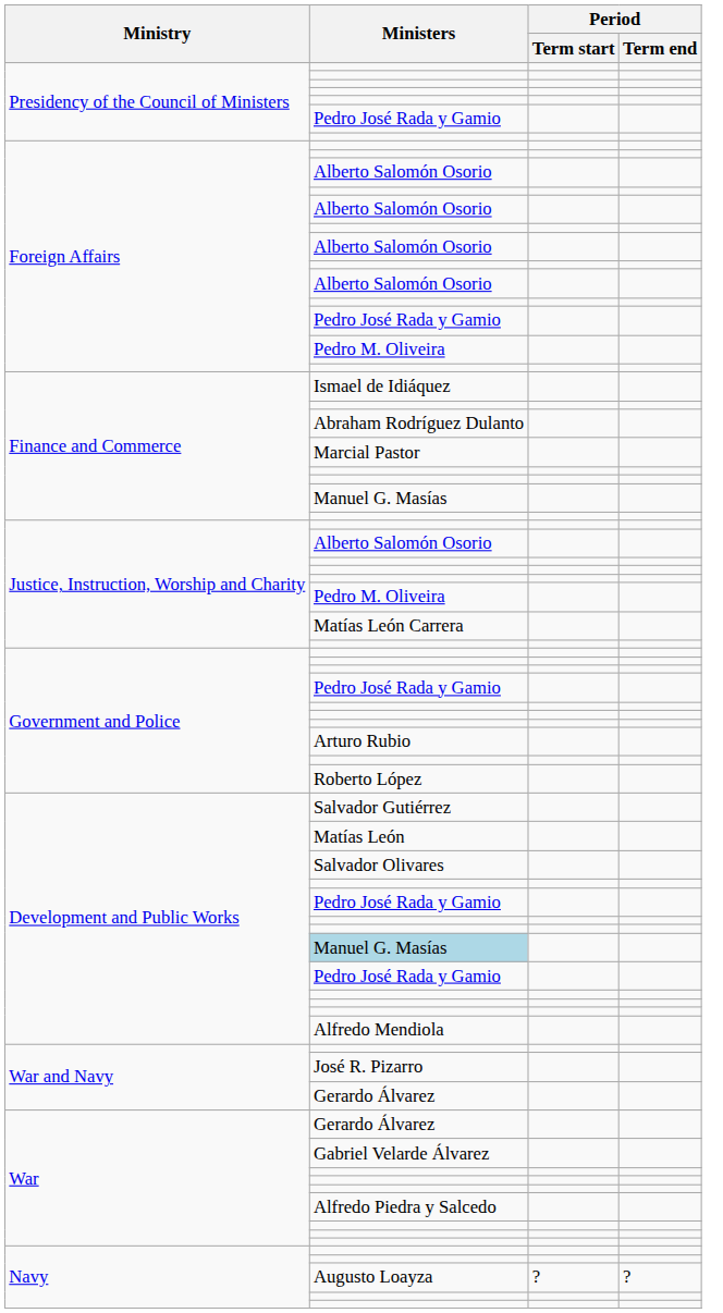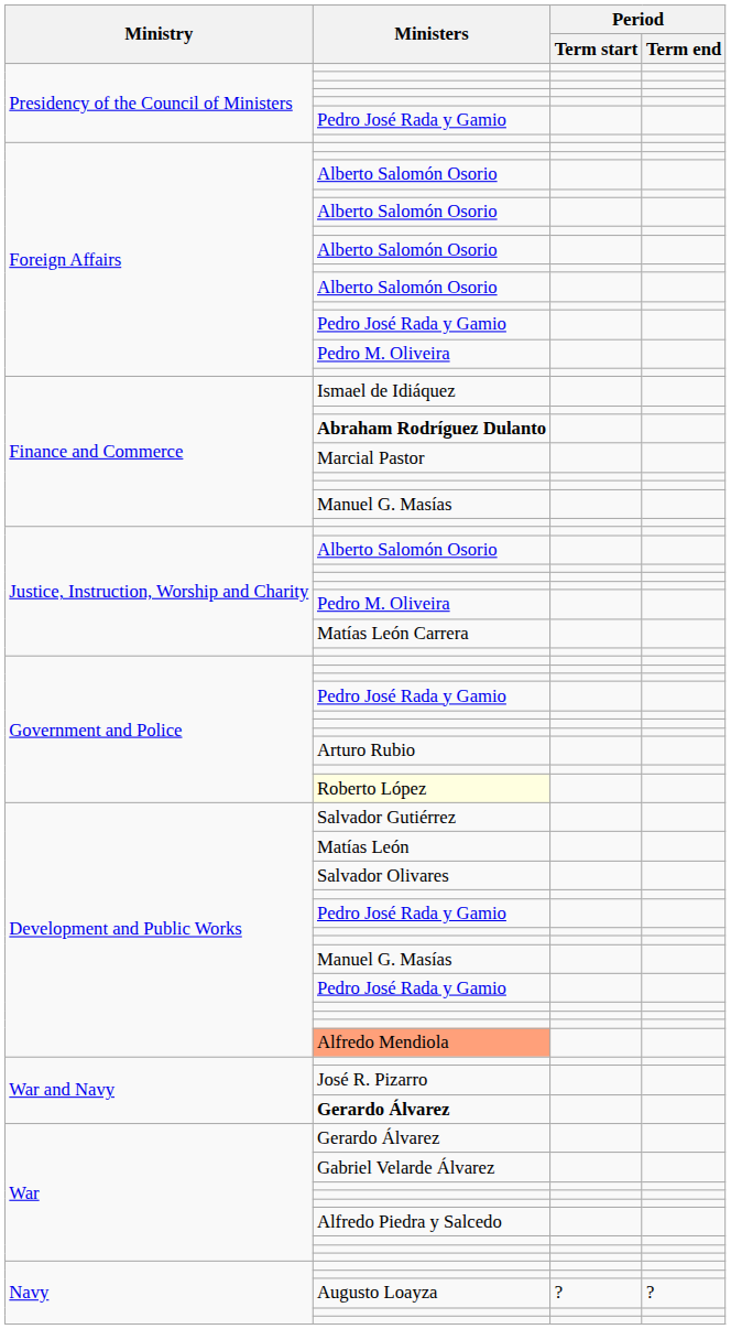 <table class="wikitable">
 <tr>
 <th rowspan=2><strong>Ministry</strong></th>
 <th rowspan=2><strong>Ministers</strong></th>
 <th colspan=2><strong>Period</strong></th>
 </tr>
 <tr>
 <th>Term start</th>
 <th>Term end</th>
 </tr>
 <tr>
 <td rowspan=7><a href='#'>Presidency of the Council of Ministers</a></td>
 <td></td>
 <td></td>
 <td></td>
 </tr>
 <tr>
 <td></td>
 <td></td>
 <td></td>
 </tr>
 <tr>
 <td></td>
 <td></td>
 <td></td>
 </tr>
 <tr>
 <td></td>
 <td></td>
 <td></td>
 </tr>
 <tr>
 <td></td>
 <td></td>
 <td></td>
 </tr>
 <tr>
 <td><a href='#'>Pedro José Rada y Gamio</a></td>
 <td></td>
 <td></td>
 </tr>
 <tr>
 <td></td>
 <td></td>
 <td></td>
 </tr>
 <tr>
 <td rowspan=13><a href='#'>Foreign Affairs</a></td>
 <td></td>
 <td></td>
 <td></td>
 </tr>
 <tr>
 <td></td>
 <td></td>
 <td></td>
 </tr>
 <tr>
 <td><a href='#'>Alberto Salomón Osorio</a></td>
 <td></td>
 <td></td>
 </tr>
 <tr>
 <td></td>
 <td></td>
 <td></td>
 </tr>
 <tr>
 <td><a href='#'>Alberto Salomón Osorio</a></td>
 <td></td>
 <td></td>
 </tr>
 <tr>
 <td></td>
 <td></td>
 <td></td>
 </tr>
 <tr>
 <td><a href='#'>Alberto Salomón Osorio</a></td>
 <td></td>
 <td></td>
 </tr>
 <tr>
 <td></td>
 <td></td>
 <td></td>
 </tr>
 <tr>
 <td><a href='#'>Alberto Salomón Osorio</a></td>
 <td></td>
 <td></td>
 </tr>
 <tr>
 <td></td>
 <td></td>
 <td></td>
 </tr>
 <tr>
 <td><a href='#'>Pedro José Rada y Gamio</a></td>
 <td></td>
 <td></td>
 </tr>
 <tr>
 <td><a href='#'>Pedro M. Oliveira</a></td>
 <td></td>
 <td></td>
 </tr>
 <tr>
 <td></td>
 <td></td>
 <td></td>
 </tr>
 <tr>
 <td rowspan=8><a href='#'>Finance and Commerce</a></td>
 <td>Ismael de Idiáquez</td>
 <td></td>
 <td></td>
 </tr>
 <tr>
 <td></td>
 <td></td>
 <td></td>
 </tr>
 <tr>
-<td>Abraham Rodríguez Dulanto</td>
+<td><strong>Abraham Rodríguez Dulanto</strong></td>
 <td></td>
 <td></td>
 </tr>
 <tr>
 <td>Marcial Pastor</td>
 <td></td>
 <td></td>
 </tr>
 <tr>
 <td></td>
 <td></td>
 <td></td>
 </tr>
 <tr>
 <td></td>
 <td></td>
 <td></td>
 </tr>
 <tr>
 <td>Manuel G. Masías</td>
 <td></td>
 <td></td>
 </tr>
 <tr>
 <td></td>
 <td></td>
 <td></td>
 </tr>
 <tr>
 <td rowspan=8><a href='#'>Justice, Instruction, Worship and Charity</a></td>
 <td></td>
 <td></td>
 <td></td>
 </tr>
 <tr>
 <td><a href='#'>Alberto Salomón Osorio</a></td>
 <td></td>
 <td></td>
 </tr>
 <tr>
 <td></td>
 <td></td>
 <td></td>
 </tr>
 <tr>
 <td></td>
 <td></td>
 <td></td>
 </tr>
 <tr>
 <td></td>
 <td></td>
 <td></td>
 </tr>
 <tr>
 <td><a href='#'>Pedro M. Oliveira</a></td>
 <td></td>
 <td></td>
 </tr>
 <tr>
 <td>Matías León Carrera</td>
 <td></td>
 <td></td>
 </tr>
 <tr>
 <td></td>
 <td></td>
 <td></td>
 </tr>
 <tr>
 <td rowspan=10><a href='#'>Government and Police</a></td>
 <td></td>
 <td></td>
 <td></td>
 </tr>
 <tr>
 <td></td>
 <td></td>
 <td></td>
 </tr>
 <tr>
 <td></td>
 <td></td>
 <td></td>
 </tr>
 <tr>
 <td><a href='#'>Pedro José Rada y Gamio</a></td>
 <td></td>
 <td></td>
 </tr>
 <tr>
 <td></td>
 <td></td>
 <td></td>
 </tr>
 <tr>
 <td></td>
 <td></td>
 <td></td>
 </tr>
 <tr>
 <td></td>
 <td></td>
 <td></td>
 </tr>
 <tr>
 <td>Arturo Rubio</td>
 <td></td>
 <td></td>
 </tr>
 <tr>
 <td></td>
 <td></td>
 <td></td>
 </tr>
 <tr>
-<td>Roberto López</td>
+<td style="background: lightyellow;">Roberto López</td>
 <td></td>
 <td></td>
 </tr>
 <tr>
 <td rowspan=13><a href='#'>Development and Public Works</a></td>
 <td>Salvador Gutiérrez</td>
 <td></td>
 <td></td>
 </tr>
 <tr>
 <td>Matías León</td>
 <td></td>
 <td></td>
 </tr>
 <tr>
 <td>Salvador Olivares</td>
 <td></td>
 <td></td>
 </tr>
 <tr>
 <td></td>
 <td></td>
 <td></td>
 </tr>
 <tr>
 <td><a href='#'>Pedro José Rada y Gamio</a></td>
 <td></td>
 <td></td>
 </tr>
 <tr>
 <td></td>
 <td></td>
 <td></td>
 </tr>
 <tr>
 <td></td>
 <td></td>
 <td></td>
 </tr>
 <tr>
-<td style="background: lightblue;">Manuel G. Masías</td>
+<td>Manuel G. Masías</td>
 <td></td>
 <td></td>
 </tr>
 <tr>
 <td><a href='#'>Pedro José Rada y Gamio</a></td>
 <td></td>
 <td></td>
 </tr>
 <tr>
 <td></td>
 <td></td>
 <td></td>
 </tr>
 <tr>
 <td></td>
 <td></td>
 <td></td>
 </tr>
 <tr>
 <td></td>
 <td></td>
 <td></td>
 </tr>
 <tr>
-<td>Alfredo Mendiola</td>
+<td style="background: lightsalmon;">Alfredo Mendiola</td>
 <td></td>
 <td></td>
 </tr>
 <tr>
 <td rowspan=3><a href='#'>War and Navy</a></td>
 <td></td>
 <td></td>
 <td></td>
 </tr>
 <tr>
 <td>José R. Pizarro</td>
 <td></td>
 <td></td>
 </tr>
 <tr>
-<td>Gerardo Álvarez</td>
+<td><strong>Gerardo Álvarez</strong></td>
 <td></td>
 <td></td>
 </tr>
 <tr>
 <td rowspan=9><a href='#'>War</a></td>
 <td>Gerardo Álvarez</td>
 <td></td>
 <td></td>
 </tr>
 <tr>
 <td>Gabriel Velarde Álvarez</td>
 <td></td>
 <td></td>
 </tr>
 <tr>
 <td></td>
 <td></td>
 <td></td>
 </tr>
 <tr>
 <td></td>
 <td></td>
 <td></td>
 </tr>
 <tr>
 <td></td>
 <td></td>
 <td></td>
 </tr>
 <tr>
 <td>Alfredo Piedra y Salcedo</td>
 <td></td>
 <td></td>
 </tr>
 <tr>
 <td></td>
 <td></td>
 <td></td>
 </tr>
 <tr>
 <td></td>
 <td></td>
 <td></td>
 </tr>
 <tr>
 <td></td>
 <td></td>
 <td></td>
 </tr>
 <tr>
 <td rowspan=5><a href='#'>Navy</a></td>
 <td></td>
 <td></td>
 <td></td>
 </tr>
 <tr>
 <td></td>
 <td></td>
 <td></td>
 </tr>
 <tr>
 <td>Augusto Loayza</td>
 <td>?</td>
 <td>?</td>
 </tr>
 <tr>
 <td></td>
 <td></td>
 <td></td>
 </tr>
 <tr>
 <td></td>
 <td></td>
 <td></td>
 </tr>
 <tr>
 </tr>
 </table>
